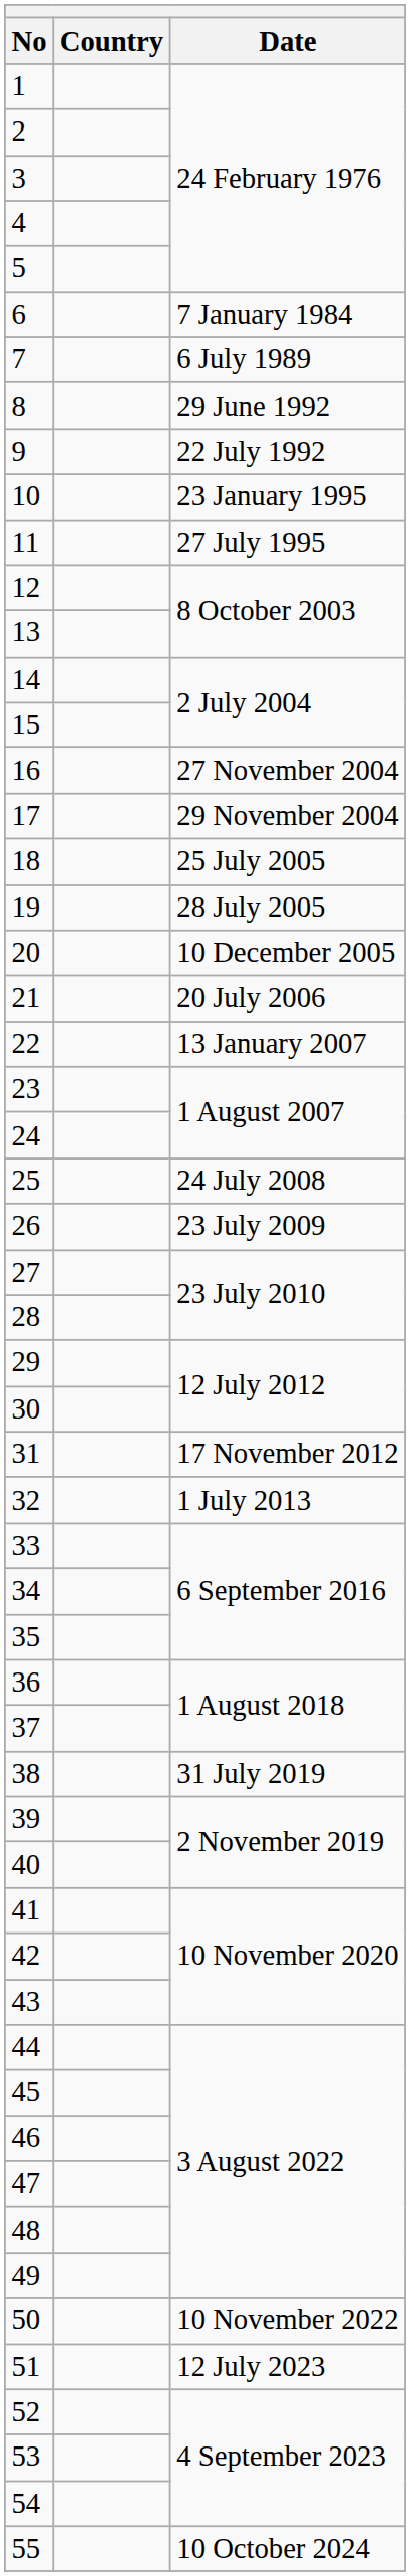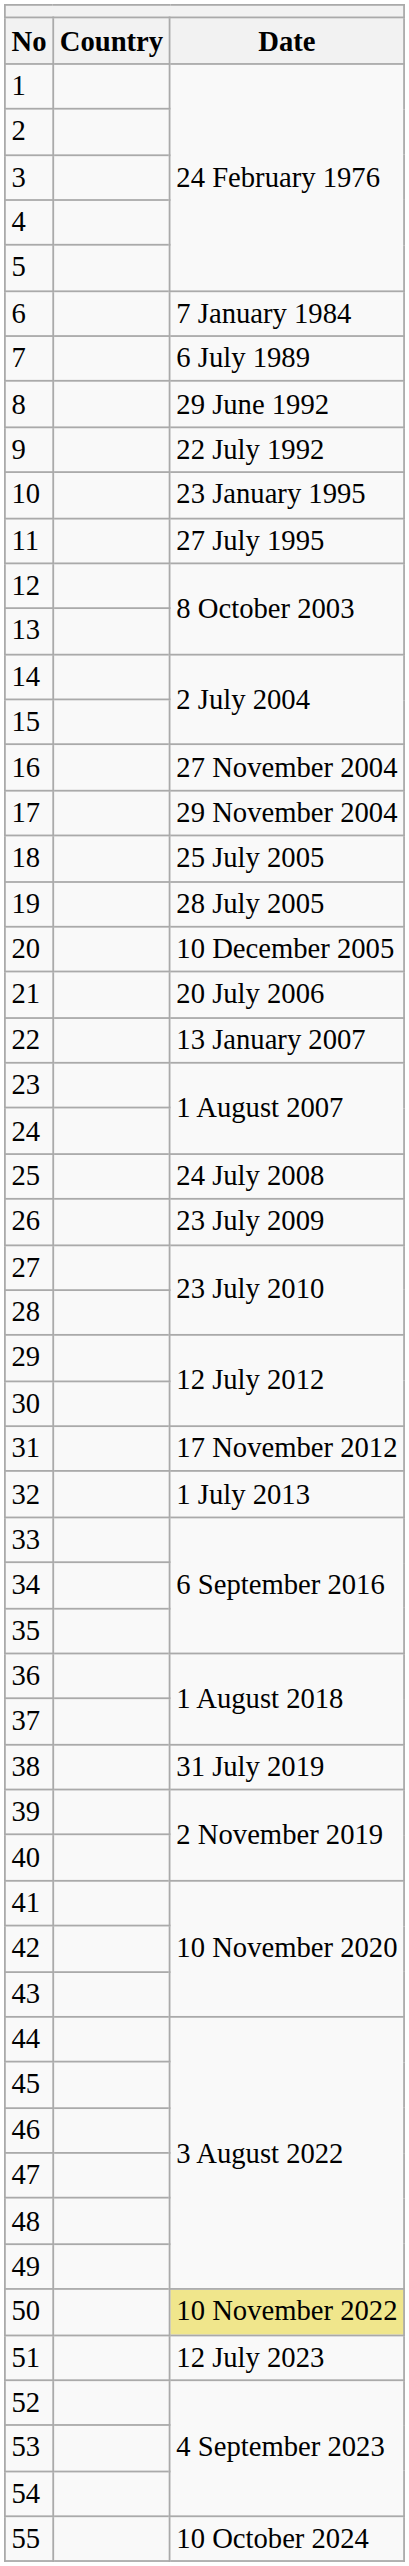 <table class="wikitable" border="1">
 <tr>
 <th colspan="3"></th>
 </tr>
 <tr>
 <th>No</th>
 <th>Country</th>
 <th>Date</th>
 </tr>
 <tr>
 <td>1</td>
 <td></td>
 <td rowspan="5">24 February 1976</td>
 </tr>
 <tr>
 <td>2</td>
 <td></td>
 </tr>
 <tr>
 <td>3</td>
 <td></td>
 </tr>
 <tr>
 <td>4</td>
 <td></td>
 </tr>
 <tr>
 <td>5</td>
 <td></td>
 </tr>
 <tr>
 <td>6</td>
 <td></td>
 <td>7 January 1984</td>
 </tr>
 <tr>
 <td>7</td>
 <td></td>
 <td>6 July 1989</td>
 </tr>
 <tr>
 <td>8</td>
 <td></td>
 <td>29 June 1992</td>
 </tr>
 <tr>
 <td>9</td>
 <td></td>
 <td>22 July 1992</td>
 </tr>
 <tr>
 <td>10</td>
 <td></td>
 <td>23 January 1995</td>
 </tr>
 <tr>
 <td>11</td>
 <td></td>
 <td>27 July 1995</td>
 </tr>
 <tr>
 <td>12</td>
 <td></td>
 <td rowspan="2">8 October 2003</td>
 </tr>
 <tr>
 <td>13</td>
 <td></td>
 </tr>
 <tr>
 <td>14</td>
 <td></td>
 <td rowspan="2">2 July 2004</td>
 </tr>
 <tr>
 <td>15</td>
 <td></td>
 </tr>
 <tr>
 <td>16</td>
 <td></td>
 <td>27 November 2004</td>
 </tr>
 <tr>
 <td>17</td>
 <td></td>
 <td>29 November 2004</td>
 </tr>
 <tr>
 <td>18</td>
 <td></td>
 <td>25 July 2005</td>
 </tr>
 <tr>
 <td>19</td>
 <td></td>
 <td>28 July 2005</td>
 </tr>
 <tr>
 <td>20</td>
 <td></td>
 <td>10 December 2005</td>
 </tr>
 <tr>
 <td>21</td>
 <td></td>
 <td>20 July 2006</td>
 </tr>
 <tr>
 <td>22</td>
 <td></td>
 <td>13 January 2007</td>
 </tr>
 <tr>
 <td>23</td>
 <td></td>
 <td rowspan="2">1 August 2007</td>
 </tr>
 <tr>
 <td>24</td>
 <td></td>
 </tr>
 <tr>
 <td>25</td>
 <td></td>
 <td>24 July 2008</td>
 </tr>
 <tr>
 <td>26</td>
 <td></td>
 <td>23 July 2009</td>
 </tr>
 <tr>
 <td>27</td>
 <td></td>
 <td rowspan="2">23 July 2010</td>
 </tr>
 <tr>
 <td>28</td>
 <td></td>
 </tr>
 <tr>
 <td>29</td>
 <td></td>
 <td rowspan="2">12 July 2012</td>
 </tr>
 <tr>
 <td>30</td>
 <td></td>
 </tr>
 <tr>
 <td>31</td>
 <td></td>
 <td>17 November 2012</td>
 </tr>
 <tr>
 <td>32</td>
 <td></td>
 <td>1 July 2013</td>
 </tr>
 <tr>
 <td>33</td>
 <td></td>
 <td rowspan="3">6 September 2016</td>
 </tr>
 <tr>
 <td>34</td>
 <td></td>
 </tr>
 <tr>
 <td>35</td>
 <td></td>
 </tr>
 <tr>
 <td>36</td>
 <td></td>
 <td rowspan="2">1 August 2018</td>
 </tr>
 <tr>
 <td>37</td>
 <td></td>
 </tr>
 <tr>
 <td>38</td>
 <td></td>
 <td>31 July 2019</td>
 </tr>
 <tr>
 <td>39</td>
 <td></td>
 <td rowspan="2">2 November 2019</td>
 </tr>
 <tr>
 <td>40</td>
 <td></td>
 </tr>
 <tr>
 <td>41</td>
 <td></td>
 <td rowspan="3">10 November 2020</td>
 </tr>
 <tr>
 <td>42</td>
 <td></td>
 </tr>
 <tr>
 <td>43</td>
 <td></td>
 </tr>
 <tr>
 <td>44</td>
 <td></td>
 <td rowspan="6">3 August 2022</td>
 </tr>
 <tr>
 <td>45</td>
 <td></td>
 </tr>
 <tr>
 <td>46</td>
 <td></td>
 </tr>
 <tr>
 <td>47</td>
 <td></td>
 </tr>
 <tr>
 <td>48</td>
 <td></td>
 </tr>
 <tr>
 <td>49</td>
 <td></td>
 </tr>
 <tr>
 <td>50</td>
 <td></td>
-<td>10 November 2022</td>
+<td style="background: khaki;">10 November 2022</td>
 </tr>
 <tr>
 <td>51</td>
 <td></td>
 <td>12 July 2023</td>
 </tr>
 <tr>
 <td>52</td>
 <td></td>
 <td rowspan="3">4 September 2023</td>
 </tr>
 <tr>
 <td>53</td>
 <td></td>
 </tr>
 <tr>
 <td>54</td>
 <td></td>
 </tr>
 <tr>
 <td>55</td>
 <td></td>
 <td>10 October 2024</td>
 </tr>
 </table>
